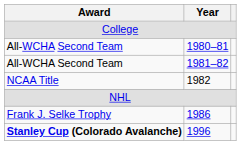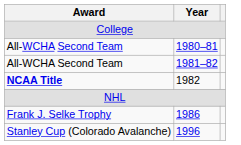 <table class="wikitable">
 <tr>
 <th>Award</th>
 <th>Year</th>
 <th></th>
 </tr>
 <tr ALIGN="center" bgcolor="#e0e0e0">
 <td colspan="3"><a href='#'>College</a></td>
 </tr>
 <tr>
 <td>All-<a href='#'>WCHA</a> <a href='#'>Second Team</a></td>
 <td><a href='#'>1980–81</a></td>
 <td></td>
 </tr>
 <tr>
 <td>All-WCHA Second Team</td>
 <td><a href='#'>1981–82</a></td>
 <td></td>
 </tr>
 <tr>
-<td><a href='#'>NCAA Title</a></td>
+<td><strong><a href='#'>NCAA Title</a></strong></td>
 <td>1982</td>
 <td></td>
 </tr>
 <tr ALIGN="center" bgcolor="#e0e0e0">
 <td colspan="3"><a href='#'>NHL</a></td>
 </tr>
 <tr>
 <td><a href='#'>Frank J. Selke Trophy</a></td>
 <td><a href='#'>1986</a></td>
 <td></td>
 </tr>
 <tr>
-<td><strong><a href='#'>Stanley Cup</a> (Colorado Avalanche)</strong></td>
+<td><a href='#'>Stanley Cup</a> (Colorado Avalanche)</td>
 <td><a href='#'>1996</a></td>
 <td></td>
 </tr>
 </table>
